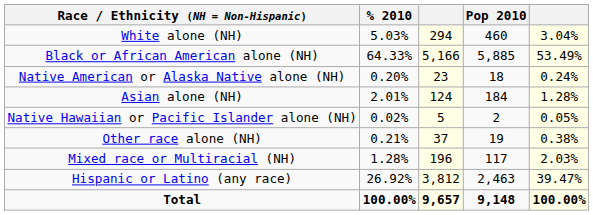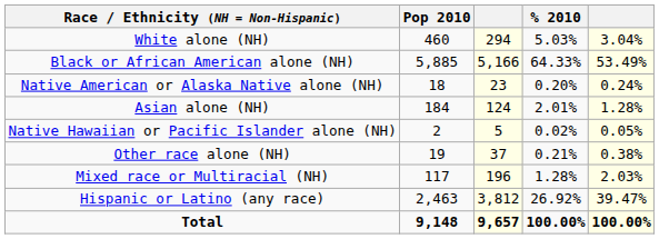 <table class="wikitable" style="text-align:center;">
 <tr>
 <th>Race / Ethnicity <small>(<em>NH = Non-Hispanic</em>)</small></th>
+<th>Pop 2010</th>
+<th></th>
 <th>% 2010</th>
-<th></th>
-<th>Pop 2010</th>
 <th></th>
 </tr>
 <tr>
 <td><a href='#'>White</a> alone (NH)</td>
+<td>460</td>
+<td style='background: #ffffe6;'>294</td>
 <td>5.03%</td>
-<td style='background: #ffffe6;'>294</td>
-<td>460</td>
 <td style='background: #ffffe6;'>3.04%</td>
 </tr>
 <tr>
 <td><a href='#'>Black or African American</a> alone (NH)</td>
+<td>5,885</td>
+<td style='background: #ffffe6;'>5,166</td>
 <td>64.33%</td>
-<td style='background: #ffffe6;'>5,166</td>
-<td>5,885</td>
 <td style='background: #ffffe6;'>53.49%</td>
 </tr>
 <tr>
 <td><a href='#'>Native American</a> or <a href='#'>Alaska Native</a> alone (NH)</td>
+<td>18</td>
+<td style='background: #ffffe6;'>23</td>
 <td>0.20%</td>
-<td style='background: #ffffe6;'>23</td>
-<td>18</td>
 <td style='background: #ffffe6;'>0.24%</td>
 </tr>
 <tr>
 <td><a href='#'>Asian</a> alone (NH)</td>
+<td>184</td>
+<td style='background: #ffffe6;'>124</td>
 <td>2.01%</td>
-<td style='background: #ffffe6;'>124</td>
-<td>184</td>
 <td style='background: #ffffe6;'>1.28%</td>
 </tr>
 <tr>
 <td><a href='#'>Native Hawaiian</a> or <a href='#'>Pacific Islander</a> alone (NH)</td>
+<td>2</td>
+<td style='background: #ffffe6;'>5</td>
 <td>0.02%</td>
-<td style='background: #ffffe6;'>5</td>
-<td>2</td>
 <td style='background: #ffffe6;'>0.05%</td>
 </tr>
 <tr>
 <td><a href='#'>Other race</a> alone (NH)</td>
+<td>19</td>
+<td style='background: #ffffe6;'>37</td>
 <td>0.21%</td>
-<td style='background: #ffffe6;'>37</td>
-<td>19</td>
 <td style='background: #ffffe6;'>0.38%</td>
 </tr>
 <tr>
 <td><a href='#'>Mixed race or Multiracial</a> (NH)</td>
+<td>117</td>
+<td style='background: #ffffe6;'>196</td>
 <td>1.28%</td>
-<td style='background: #ffffe6;'>196</td>
-<td>117</td>
 <td style='background: #ffffe6;'>2.03%</td>
 </tr>
 <tr>
 <td><a href='#'>Hispanic or Latino</a> (any race)</td>
+<td>2,463</td>
+<td style='background: #ffffe6;'>3,812</td>
 <td>26.92%</td>
-<td style='background: #ffffe6;'>3,812</td>
-<td>2,463</td>
 <td style='background: #ffffe6;'>39.47%</td>
 </tr>
 <tr>
 <td><strong>Total</strong></td>
+<td><strong>9,148</strong></td>
+<td style='background: #ffffe6;'><strong>9,657</strong></td>
 <td><strong>100.00%</strong></td>
-<td style='background: #ffffe6;'><strong>9,657</strong></td>
-<td><strong>9,148</strong></td>
 <td style='background: #ffffe6;'><strong>100.00%</strong></td>
 </tr>
 </table>
